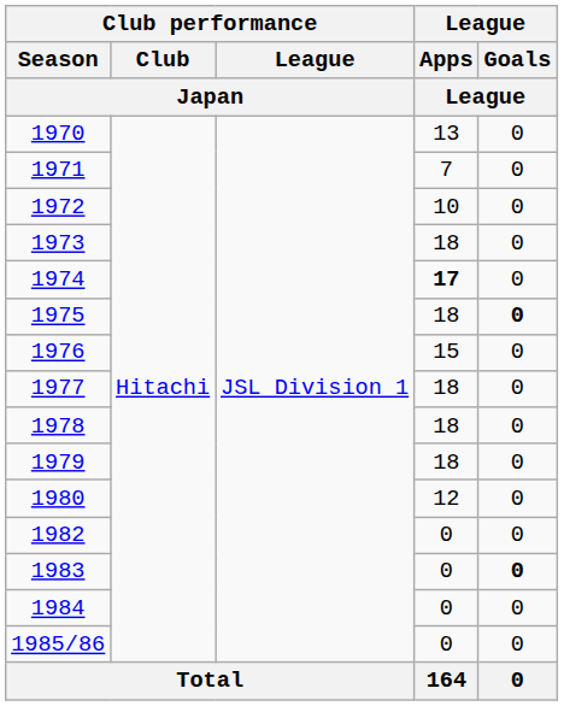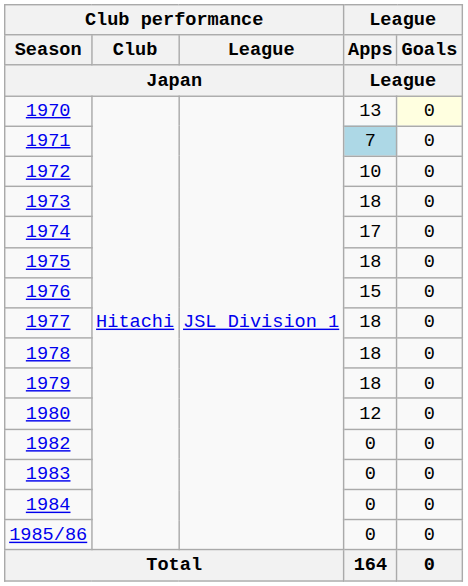 <table class="wikitable" style="text-align:center;">
 <tr>
 <th colspan=3>Club performance</th>
 <th colspan=2>League</th>
 </tr>
 <tr>
 <th>Season</th>
 <th>Club</th>
 <th>League</th>
 <th>Apps</th>
 <th>Goals</th>
 </tr>
 <tr>
 <th colspan=3>Japan</th>
 <th colspan=2>League</th>
 </tr>
 <tr>
 <td><a href='#'>1970</a></td>
 <td rowspan="15"><a href='#'>Hitachi</a></td>
 <td rowspan="15"><a href='#'>JSL Division 1</a></td>
 <td>13</td>
-<td>0</td>
+<td style="background: lightyellow;">0</td>
 </tr>
 <tr>
 <td><a href='#'>1971</a></td>
-<td>7</td>
+<td style="background: lightblue;">7</td>
 <td>0</td>
 </tr>
 <tr>
 <td><a href='#'>1972</a></td>
 <td>10</td>
 <td>0</td>
 </tr>
 <tr>
 <td><a href='#'>1973</a></td>
 <td>18</td>
 <td>0</td>
 </tr>
 <tr>
 <td><a href='#'>1974</a></td>
-<td><strong>17</strong></td>
+<td>17</td>
 <td>0</td>
 </tr>
 <tr>
 <td><a href='#'>1975</a></td>
 <td>18</td>
-<td><strong>0</strong></td>
+<td>0</td>
 </tr>
 <tr>
 <td><a href='#'>1976</a></td>
 <td>15</td>
 <td>0</td>
 </tr>
 <tr>
 <td><a href='#'>1977</a></td>
 <td>18</td>
 <td>0</td>
 </tr>
 <tr>
 <td><a href='#'>1978</a></td>
 <td>18</td>
 <td>0</td>
 </tr>
 <tr>
 <td><a href='#'>1979</a></td>
 <td>18</td>
 <td>0</td>
 </tr>
 <tr>
 <td><a href='#'>1980</a></td>
 <td>12</td>
 <td>0</td>
 </tr>
 <tr>
 <td><a href='#'>1982</a></td>
 <td>0</td>
 <td>0</td>
 </tr>
 <tr>
 <td><a href='#'>1983</a></td>
 <td>0</td>
-<td><strong>0</strong></td>
+<td>0</td>
 </tr>
 <tr>
 <td><a href='#'>1984</a></td>
 <td>0</td>
 <td>0</td>
 </tr>
 <tr>
 <td><a href='#'>1985/86</a></td>
 <td>0</td>
 <td>0</td>
 </tr>
 <tr>
 <th colspan=3>Total</th>
 <th>164</th>
 <th>0</th>
 </tr>
 </table>
